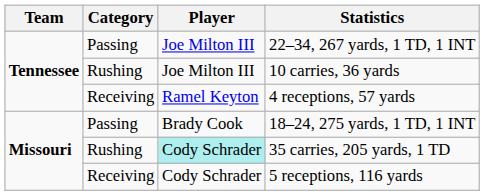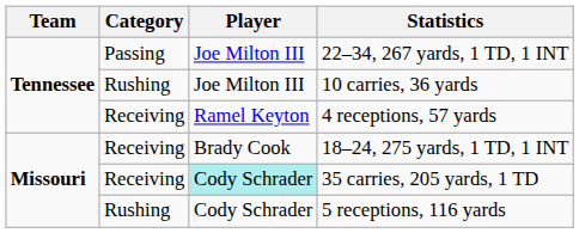 <table class="wikitable" style="float: right;">
 <tr>
 <th>Team</th>
 <th>Category</th>
 <th>Player</th>
 <th>Statistics</th>
 </tr>
 <tr>
 <td rowspan=3><strong>Tennessee</strong></td>
 <td>Passing</td>
 <td><a href='#'>Joe Milton III</a></td>
 <td>22–34, 267 yards, 1 TD, 1 INT</td>
 </tr>
 <tr>
 <td>Rushing</td>
 <td>Joe Milton III</td>
 <td>10 carries, 36 yards</td>
 </tr>
 <tr>
 <td>Receiving</td>
 <td><a href='#'>Ramel Keyton</a></td>
 <td>4 receptions, 57 yards</td>
 </tr>
 <tr>
 <td rowspan=3><strong>Missouri</strong></td>
-<td>Passing</td>
+<td>Receiving</td>
 <td>Brady Cook</td>
 <td>18–24, 275 yards, 1 TD, 1 INT</td>
 </tr>
 <tr>
-<td>Rushing</td>
+<td>Receiving</td>
 <td style="background: paleturquoise;">Cody Schrader</td>
 <td>35 carries, 205 yards, 1 TD</td>
 </tr>
 <tr>
-<td>Receiving</td>
+<td>Rushing</td>
 <td>Cody Schrader</td>
 <td>5 receptions, 116 yards</td>
 </tr>
 </table>
